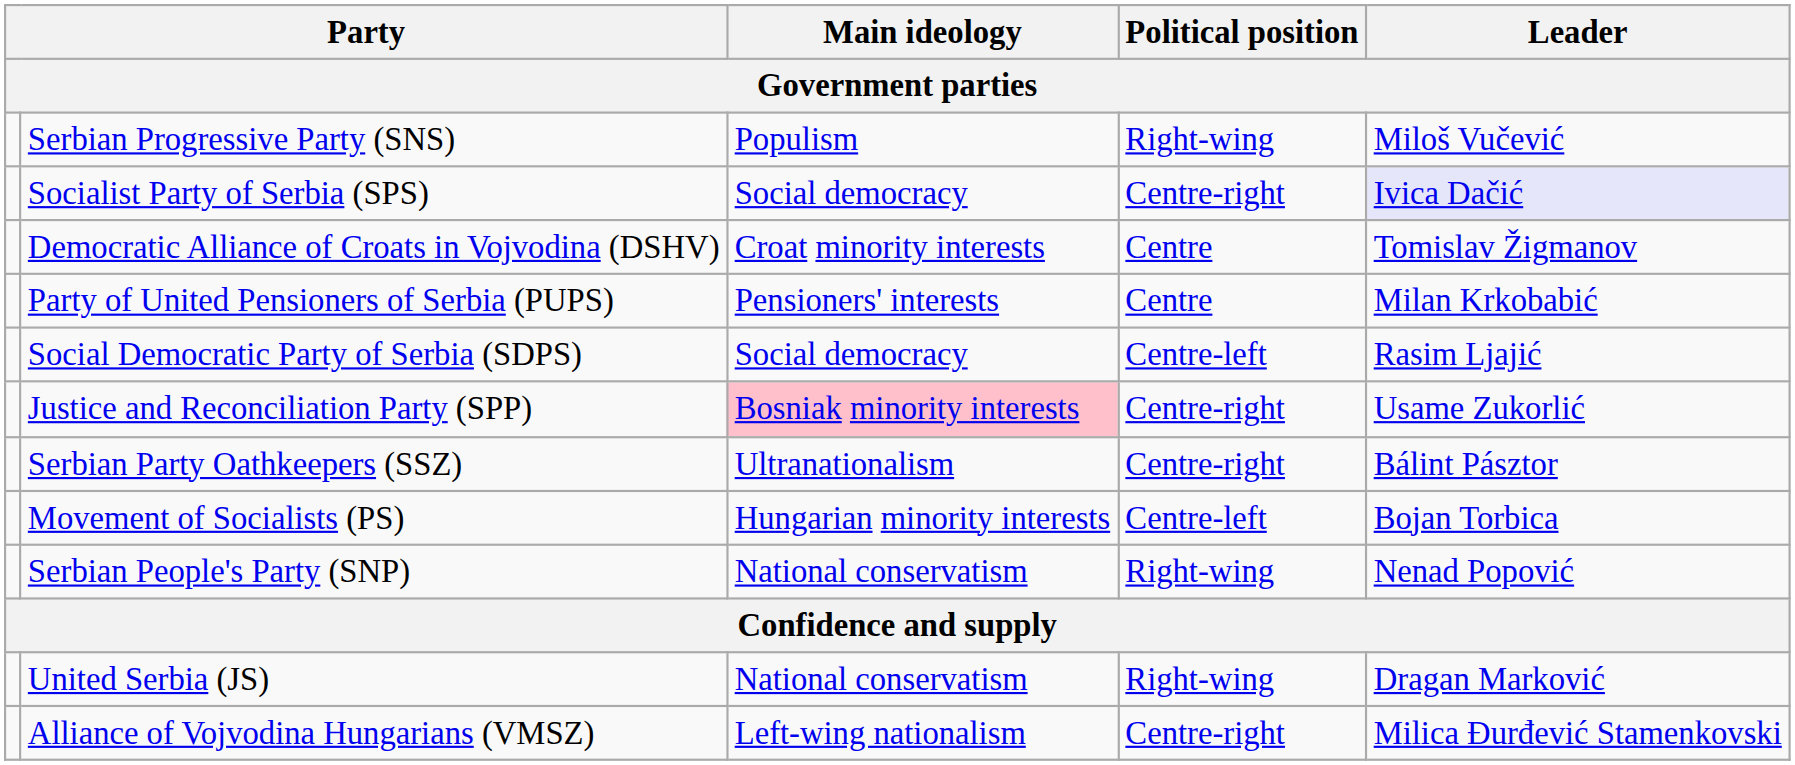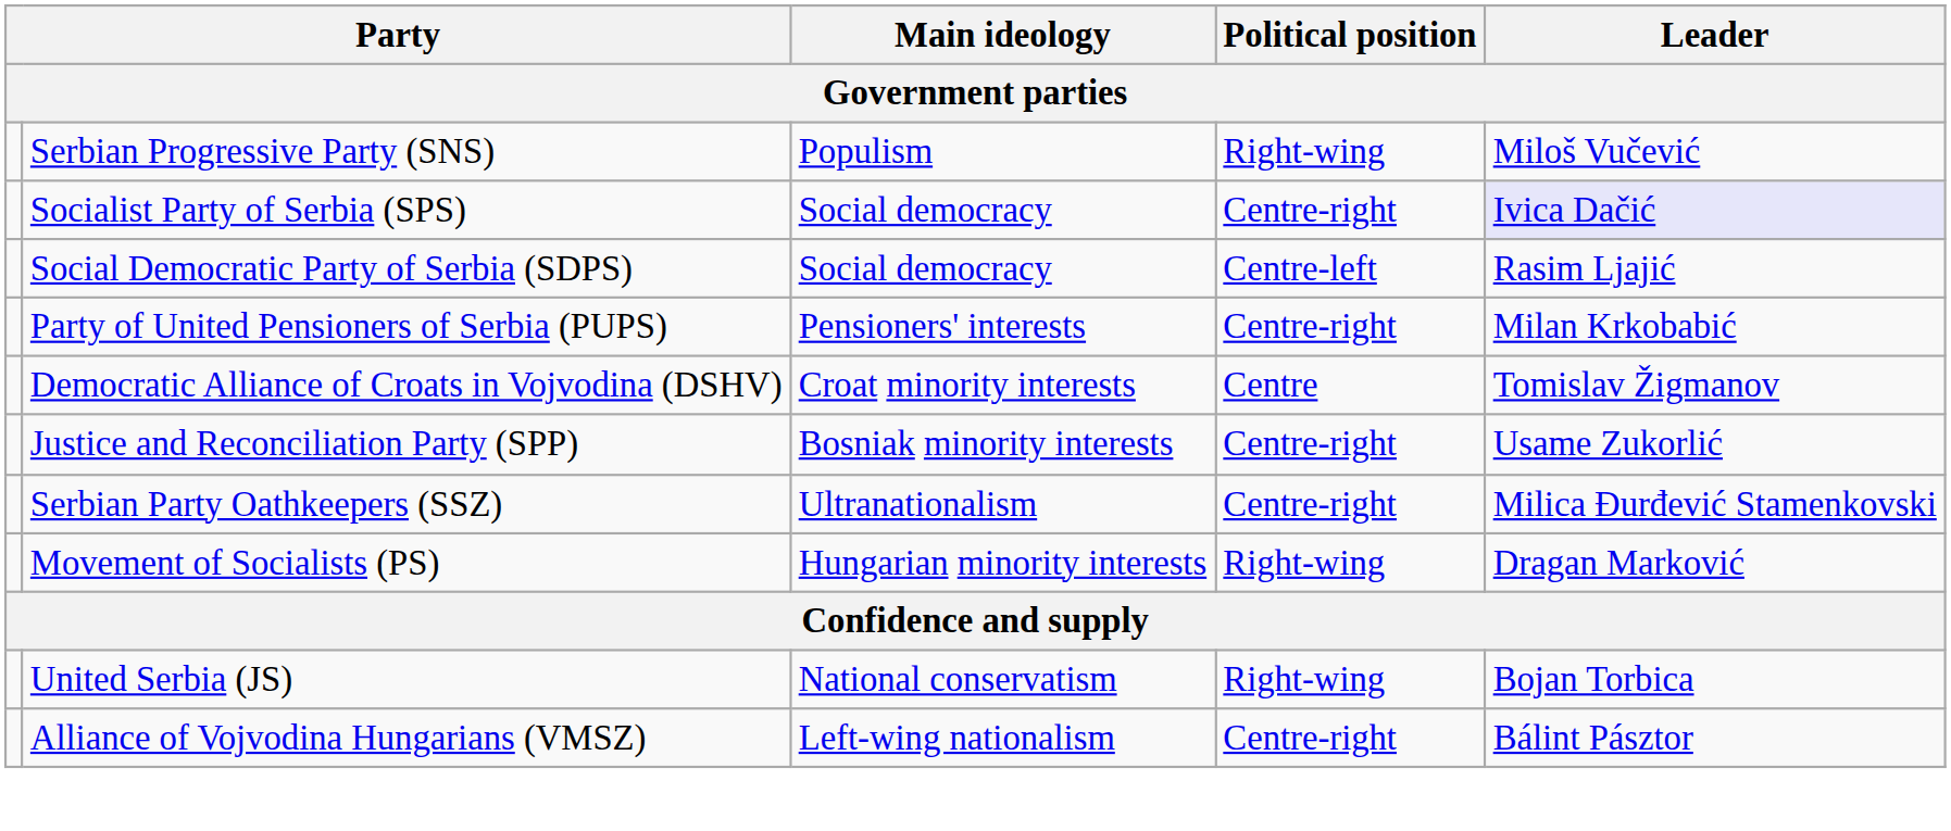 <table class="wikitable" style="font-size:95%">
 <tr>
 <th colspan="2">Party</th>
 <th>Main ideology</th>
 <th>Political position</th>
 <th>Leader</th>
 </tr>
 <tr>
 <th colspan="5">Government parties</th>
 </tr>
 <tr>
 <td style="background:"></td>
 <td><a href='#'>Serbian Progressive Party</a> (SNS)</td>
 <td><a href='#'>Populism</a></td>
 <td><a href='#'>Right-wing</a></td>
 <td><a href='#'>Miloš Vučević</a></td>
 </tr>
 <tr>
 <td style="background:"></td>
 <td><a href='#'>Socialist Party of Serbia</a> (SPS)</td>
 <td><a href='#'>Social democracy</a></td>
 <td><a href='#'>Centre-right</a></td>
 <td style="background: lavender;"><a href='#'>Ivica Dačić</a></td>
 </tr>
 <tr>
 <td style="background:"></td>
+<td><a href='#'>Social Democratic Party of Serbia</a> (SDPS)</td>
+<td><a href='#'>Social democracy</a></td>
+<td><a href='#'>Centre-left</a></td>
+<td><a href='#'>Rasim Ljajić</a></td>
+</tr>
+<tr>
+<td style="background:"></td>
+<td><a href='#'>Party of United Pensioners of Serbia</a> (PUPS)</td>
+<td><a href='#'>Pensioners' interests</a></td>
+<td><a href='#'>Centre-right</a></td>
+<td><a href='#'>Milan Krkobabić</a></td>
+</tr>
+<tr>
+<td style="background:"></td>
 <td><a href='#'>Democratic Alliance of Croats in Vojvodina</a> (DSHV)</td>
 <td><a href='#'>Croat</a> <a href='#'>minority interests</a></td>
 <td><a href='#'>Centre</a></td>
 <td><a href='#'>Tomislav Žigmanov</a></td>
 </tr>
 <tr>
 <td style="background:"></td>
-<td><a href='#'>Party of United Pensioners of Serbia</a> (PUPS)</td>
-<td><a href='#'>Pensioners' interests</a></td>
-<td><a href='#'>Centre</a></td>
-<td><a href='#'>Milan Krkobabić</a></td>
-</tr>
-<tr>
-<td style="background:"></td>
-<td><a href='#'>Social Democratic Party of Serbia</a> (SDPS)</td>
-<td><a href='#'>Social democracy</a></td>
-<td><a href='#'>Centre-left</a></td>
-<td><a href='#'>Rasim Ljajić</a></td>
-</tr>
-<tr>
-<td style="background:"></td>
 <td><a href='#'>Justice and Reconciliation Party</a> (SPP)</td>
-<td style="background: pink;"><a href='#'>Bosniak</a> <a href='#'>minority interests</a></td>
+<td><a href='#'>Bosniak</a> <a href='#'>minority interests</a></td>
 <td><a href='#'>Centre-right</a></td>
 <td><a href='#'>Usame Zukorlić</a></td>
 </tr>
 <tr>
 <td style="background:"></td>
 <td><a href='#'>Serbian Party Oathkeepers</a> (SSZ)</td>
 <td><a href='#'>Ultranationalism</a></td>
 <td><a href='#'>Centre-right</a></td>
-<td><a href='#'>Bálint Pásztor</a></td>
+<td><a href='#'>Milica Đurđević Stamenkovski</a></td>
 </tr>
 <tr>
 <td style="background:"></td>
 <td><a href='#'>Movement of Socialists</a> (PS)</td>
 <td><a href='#'>Hungarian</a> <a href='#'>minority interests</a></td>
-<td><a href='#'>Centre-left</a></td>
-<td><a href='#'>Bojan Torbica</a></td>
-</tr>
-<tr>
-<td style="background:"></td>
-<td><a href='#'>Serbian People's Party</a> (SNP)</td>
-<td><a href='#'>National conservatism</a></td>
 <td><a href='#'>Right-wing</a></td>
-<td><a href='#'>Nenad Popović</a></td>
+<td><a href='#'>Dragan Marković</a></td>
 </tr>
 <tr>
 <th colspan="5">Confidence and supply</th>
 </tr>
 <tr>
 <td style="background:"></td>
 <td><a href='#'>United Serbia</a> (JS)</td>
 <td><a href='#'>National conservatism</a></td>
 <td><a href='#'>Right-wing</a></td>
-<td><a href='#'>Dragan Marković</a></td>
+<td><a href='#'>Bojan Torbica</a></td>
 </tr>
 <tr>
 <td style="background:"></td>
 <td><a href='#'>Alliance of Vojvodina Hungarians</a> (VMSZ)</td>
 <td><a href='#'>Left-wing nationalism</a></td>
 <td><a href='#'>Centre-right</a></td>
-<td><a href='#'>Milica Đurđević Stamenkovski</a></td>
+<td><a href='#'>Bálint Pásztor</a></td>
 </tr>
 </table>
